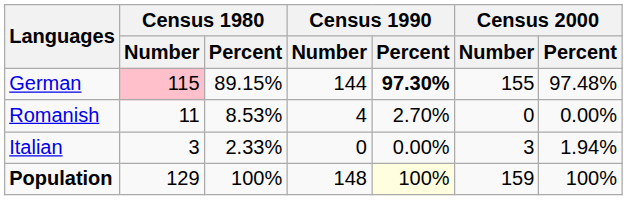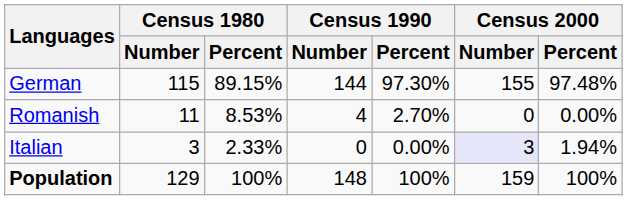 <table class="wikitable">
 <tr ---->
 <th rowspan="2">Languages</th>
 <th colspan="2">Census 1980</th>
 <th colspan="2">Census 1990</th>
 <th colspan="2">Census 2000</th>
 </tr>
 <tr ---->
 <th>Number</th>
 <th>Percent</th>
 <th>Number</th>
 <th>Percent</th>
 <th>Number</th>
 <th>Percent</th>
 </tr>
 <tr ---->
 <td><a href='#'>German</a></td>
-<td align=right style="background: pink;">115</td>
+<td align=right>115</td>
 <td align=right>89.15%</td>
 <td align=right>144</td>
-<td align=right><strong>97.30%</strong></td>
+<td align=right>97.30%</td>
 <td align=right>155</td>
 <td align=right>97.48%</td>
 </tr>
 <tr ---->
 <td><a href='#'>Romanish</a></td>
 <td align=right>11</td>
 <td align=right>8.53%</td>
 <td align=right>4</td>
 <td align=right>2.70%</td>
 <td align=right>0</td>
 <td align=right>0.00%</td>
 </tr>
 <tr ---->
 <td><a href='#'>Italian</a></td>
 <td align=right>3</td>
 <td align=right>2.33%</td>
 <td align=right>0</td>
 <td align=right>0.00%</td>
-<td align=right>3</td>
+<td align=right style="background: lavender;">3</td>
 <td align=right>1.94%</td>
 </tr>
 <tr ---->
 <td><strong>Population</strong></td>
 <td align=right>129</td>
 <td align=right>100%</td>
 <td align=right>148</td>
-<td align=right style="background: lightyellow;">100%</td>
+<td align=right>100%</td>
 <td align=right>159</td>
 <td align=right>100%</td>
 </tr>
 </table>
